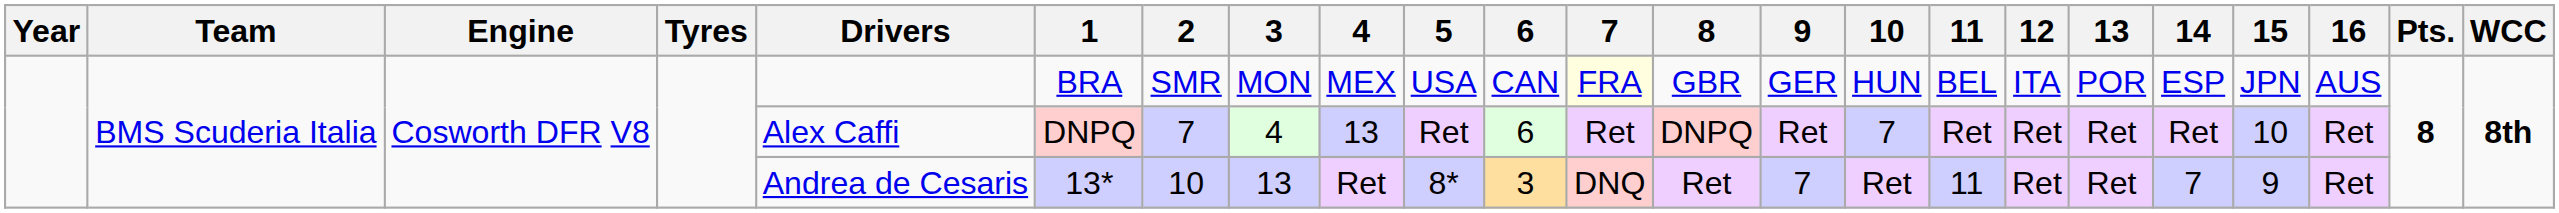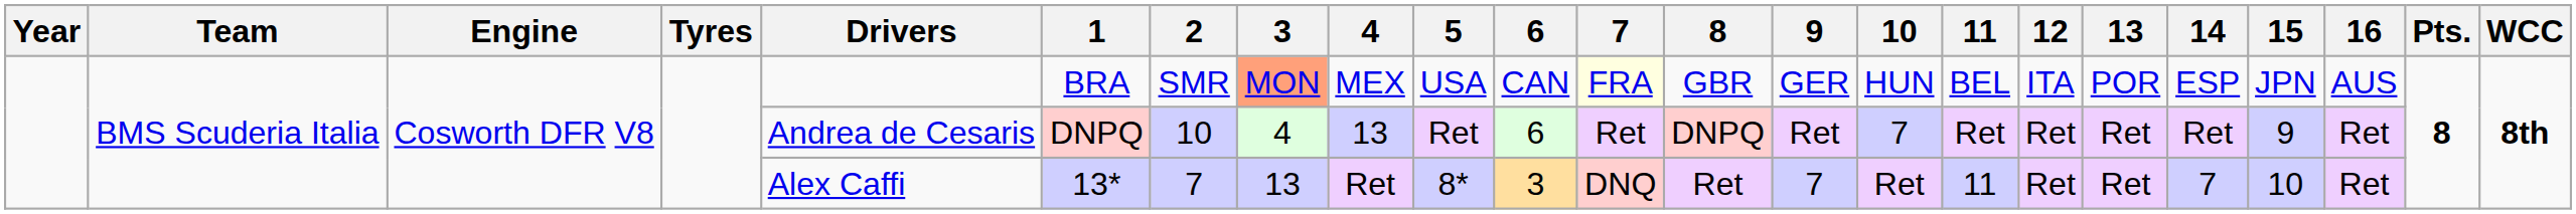 <table class="wikitable" style="text-align:center; font-size:95%">
 <tr>
 <th>Year</th>
 <th>Team</th>
 <th>Engine</th>
 <th>Tyres</th>
 <th>Drivers</th>
 <th>1</th>
 <th>2</th>
 <th>3</th>
 <th>4</th>
 <th>5</th>
 <th>6</th>
 <th>7</th>
 <th>8</th>
 <th>9</th>
 <th>10</th>
 <th>11</th>
 <th>12</th>
 <th>13</th>
 <th>14</th>
 <th>15</th>
 <th>16</th>
 <th>Pts.</th>
 <th>WCC</th>
 </tr>
 <tr>
 <td rowspan="3"></td>
 <td rowspan="3"><a href='#'>BMS Scuderia Italia</a></td>
 <td rowspan="3"><a href='#'>Cosworth DFR</a> <a href='#'>V8</a></td>
 <td rowspan="3"></td>
 <td></td>
 <td><a href='#'>BRA</a></td>
 <td><a href='#'>SMR</a></td>
-<td><a href='#'>MON</a></td>
+<td style="background: lightsalmon;"><a href='#'>MON</a></td>
 <td><a href='#'>MEX</a></td>
 <td><a href='#'>USA</a></td>
 <td><a href='#'>CAN</a></td>
 <td style="background: lightyellow;"><a href='#'>FRA</a></td>
 <td><a href='#'>GBR</a></td>
 <td><a href='#'>GER</a></td>
 <td><a href='#'>HUN</a></td>
 <td><a href='#'>BEL</a></td>
 <td><a href='#'>ITA</a></td>
 <td><a href='#'>POR</a></td>
 <td><a href='#'>ESP</a></td>
 <td><a href='#'>JPN</a></td>
 <td><a href='#'>AUS</a></td>
 <td rowspan="3"><strong>8</strong></td>
 <td rowspan="3"><strong>8th</strong></td>
 </tr>
 <tr>
-<td align="left"><a href='#'>Alex Caffi</a></td>
+<td align="left"><a href='#'>Andrea de Cesaris</a></td>
 <td style="background:#ffcfcf;">DNPQ</td>
-<td style="background:#cfcfff;">7</td>
+<td style="background:#cfcfff;">10</td>
 <td style="background:#dfffdf;">4</td>
 <td style="background:#cfcfff;">13</td>
 <td style="background:#efcfff;">Ret</td>
 <td style="background:#dfffdf;">6</td>
 <td style="background:#efcfff;">Ret</td>
 <td style="background:#ffcfcf;">DNPQ</td>
 <td style="background:#efcfff;">Ret</td>
 <td style="background:#cfcfff;">7</td>
 <td style="background:#efcfff;">Ret</td>
 <td style="background:#efcfff;">Ret</td>
 <td style="background:#efcfff;">Ret</td>
 <td style="background:#efcfff;">Ret</td>
-<td style="background:#cfcfff;">10</td>
+<td style="background:#cfcfff;">9</td>
 <td style="background:#efcfff;">Ret</td>
 </tr>
 <tr>
-<td align="left"><a href='#'>Andrea de Cesaris</a></td>
+<td align="left"><a href='#'>Alex Caffi</a></td>
 <td style="background:#cfcfff;">13*</td>
-<td style="background:#cfcfff;">10</td>
+<td style="background:#cfcfff;">7</td>
 <td style="background:#cfcfff;">13</td>
 <td style="background:#efcfff;">Ret</td>
 <td style="background:#cfcfff;">8*</td>
 <td style="background:#ffdf9f;">3</td>
 <td style="background:#ffcfcf;">DNQ</td>
 <td style="background:#efcfff;">Ret</td>
 <td style="background:#cfcfff;">7</td>
 <td style="background:#efcfff;">Ret</td>
 <td style="background:#cfcfff;">11</td>
 <td style="background:#efcfff;">Ret</td>
 <td style="background:#efcfff;">Ret</td>
 <td style="background:#cfcfff;">7</td>
-<td style="background:#cfcfff;">9</td>
+<td style="background:#cfcfff;">10</td>
 <td style="background:#efcfff;">Ret</td>
 </tr>
 </table>
